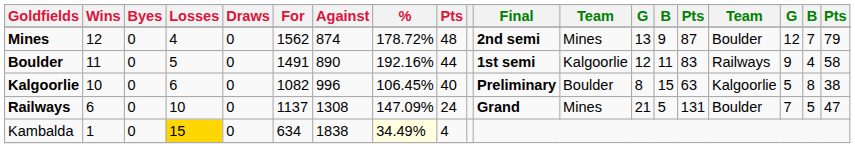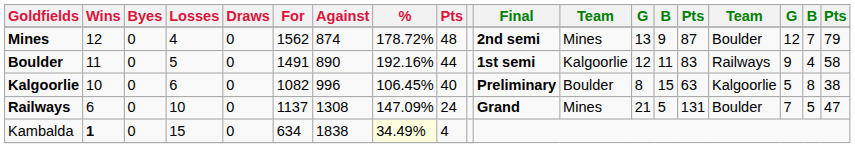 <table class="wikitable" style="font-size: 85%; text-align: left;">
 <tr>
 <th style="color:crimson">Goldfields</th>
 <th style="color:crimson">Wins</th>
 <th style="color:crimson">Byes</th>
 <th style="color:crimson">Losses</th>
 <th style="color:crimson">Draws</th>
 <th style="color:crimson">For</th>
 <th style="color:crimson">Against</th>
 <th style="color:crimson">%</th>
 <th style="color:crimson">Pts</th>
 <th></th>
 <th style="color:green">Final</th>
 <th style="color:green">Team</th>
 <th style="color:green">G</th>
 <th style="color:green">B</th>
 <th style="color:green">Pts</th>
 <th style="color:green">Team</th>
 <th style="color:green">G</th>
 <th style="color:green">B</th>
 <th style="color:green">Pts</th>
 </tr>
 <tr>
 </tr>
 <tr>
 </tr>
 <tr>
 <td><strong>	Mines	</strong></td>
 <td>12</td>
 <td>0</td>
 <td>4</td>
 <td>0</td>
 <td>1562</td>
 <td>874</td>
 <td>178.72%</td>
 <td>48</td>
 <td></td>
 <td><strong>2nd semi</strong></td>
 <td>Mines</td>
 <td>13</td>
 <td>9</td>
 <td>87</td>
 <td>Boulder</td>
 <td>12</td>
 <td>7</td>
 <td>79</td>
 </tr>
 <tr>
 <td><strong>	Boulder	</strong></td>
 <td>11</td>
 <td>0</td>
 <td>5</td>
 <td>0</td>
 <td>1491</td>
 <td>890</td>
 <td>192.16%</td>
 <td>44</td>
 <td></td>
 <td><strong>1st semi</strong></td>
 <td>Kalgoorlie</td>
 <td>12</td>
 <td>11</td>
 <td>83</td>
 <td>Railways</td>
 <td>9</td>
 <td>4</td>
 <td>58</td>
 </tr>
 <tr>
 <td><strong>	Kalgoorlie	</strong></td>
 <td>10</td>
 <td>0</td>
 <td>6</td>
 <td>0</td>
 <td>1082</td>
 <td>996</td>
 <td>106.45%</td>
 <td>40</td>
 <td></td>
 <td><strong>Preliminary</strong></td>
 <td>Boulder</td>
 <td>8</td>
 <td>15</td>
 <td>63</td>
 <td>Kalgoorlie</td>
 <td>5</td>
 <td>8</td>
 <td>38</td>
 </tr>
 <tr>
 <td><strong>	Railways	</strong></td>
 <td>6</td>
 <td>0</td>
 <td>10</td>
 <td>0</td>
 <td>1137</td>
 <td>1308</td>
 <td>147.09%</td>
 <td>24</td>
 <td></td>
 <td><strong>Grand</strong></td>
 <td>Mines</td>
 <td>21</td>
 <td>5</td>
 <td>131</td>
 <td>Boulder</td>
 <td>7</td>
 <td>5</td>
 <td>47</td>
 </tr>
 <tr>
 <td>Kambalda</td>
-<td>1</td>
+<td><strong>1</strong></td>
 <td>0</td>
-<td style="background: gold;">15</td>
+<td>15</td>
 <td>0</td>
 <td>634</td>
 <td>1838</td>
 <td style="background: lightyellow;">34.49%</td>
 <td>4</td>
 <td></td>
 </tr>
 <tr>
 </tr>
 </table>
